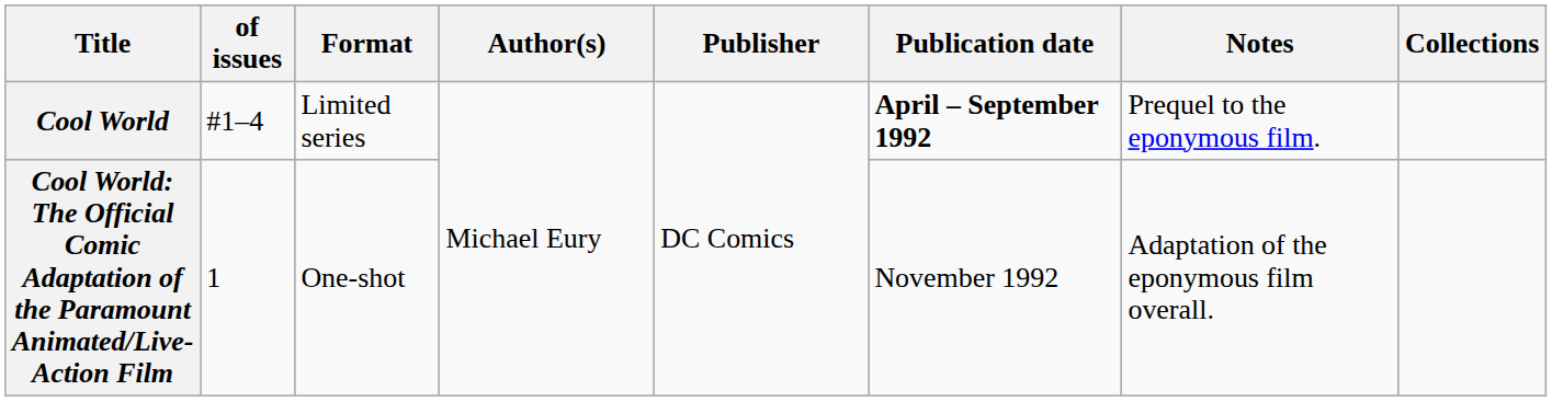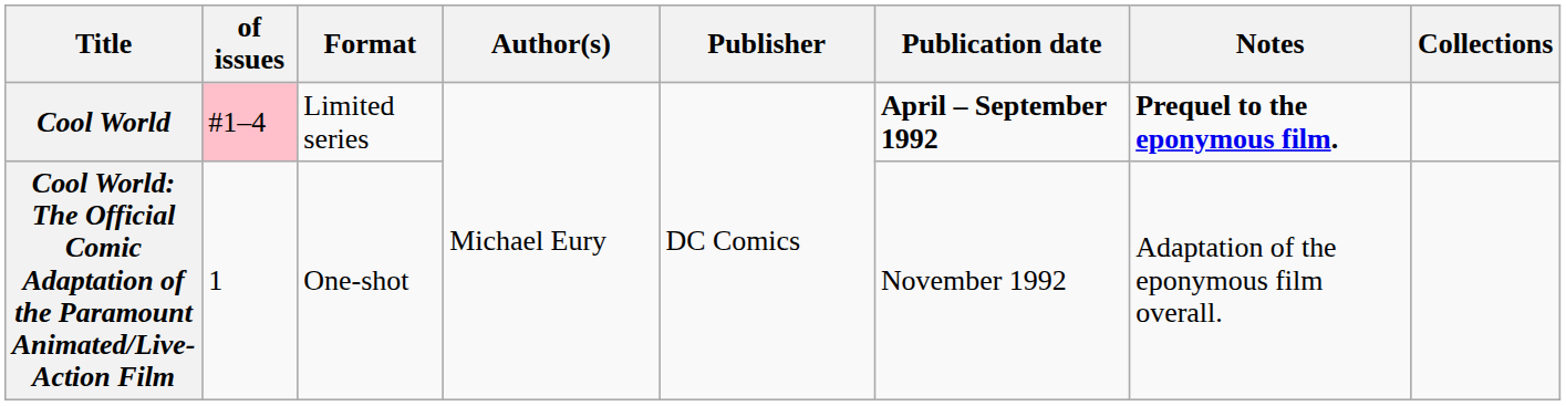 <table class="wikitable">
 <tr>
 <th>Title</th>
 <th style="width:40pt"> of issues</th>
 <th style="width:75pt">Format</th>
 <th style="width:125pt">Author(s)</th>
 <th style="width:125pt">Publisher</th>
 <th style="width:150pt">Publication date</th>
 <th style="width:175pt">Notes</th>
 <th>Collections</th>
 </tr>
 <tr>
 <th><em>Cool World</em></th>
-<td>#1–4</td>
+<td style="background: pink;">#1–4</td>
 <td>Limited series</td>
 <td rowspan="2">Michael Eury</td>
 <td rowspan="2">DC Comics</td>
 <td><strong>April – September 1992</strong></td>
-<td>Prequel to the <a href='#'>eponymous film</a>.</td>
+<td><strong>Prequel to the <a href='#'>eponymous film</a>.</strong></td>
 <td></td>
 </tr>
 <tr>
 <th><em>Cool World: The Official Comic Adaptation of the Paramount Animated/Live-Action Film</em></th>
 <td>1</td>
 <td>One-shot</td>
 <td>November 1992</td>
 <td>Adaptation of the eponymous film overall.</td>
 <td></td>
 </tr>
 </table>
